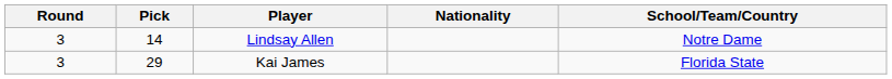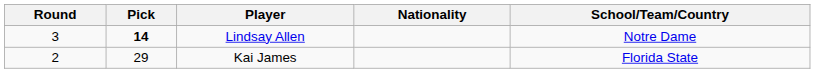 <table class="wikitable" style="text-align:center; width:60em">
 <tr>
 <th>Round</th>
 <th>Pick</th>
 <th>Player</th>
 <th>Nationality</th>
 <th>School/Team/Country</th>
 </tr>
 <tr>
 <td>3</td>
-<td>14</td>
+<td><strong>14</strong></td>
 <td><a href='#'>Lindsay Allen</a></td>
 <td></td>
 <td><a href='#'>Notre Dame</a></td>
 </tr>
 <tr>
-<td>3</td>
+<td>2</td>
 <td>29</td>
 <td>Kai James</td>
 <td></td>
 <td><a href='#'>Florida State</a></td>
 </tr>
 </table>
